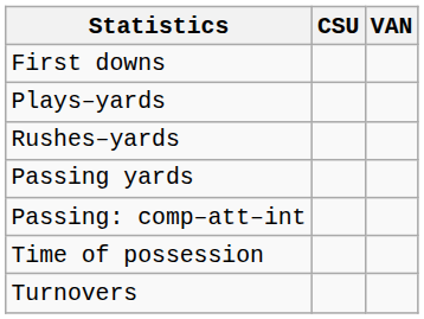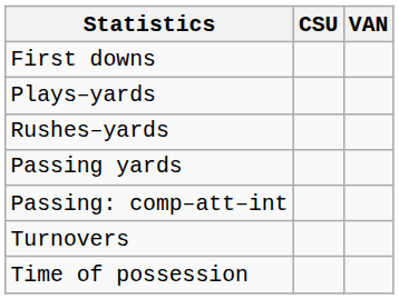 <table class="wikitable" style="float:left">
 <tr>
 <th>Statistics</th>
 <th>CSU</th>
 <th>VAN</th>
 </tr>
 <tr>
 <td>First downs</td>
 <td></td>
 <td></td>
 </tr>
 <tr>
 <td>Plays–yards</td>
 <td></td>
 <td></td>
 </tr>
 <tr>
 <td>Rushes–yards</td>
 <td></td>
 <td></td>
 </tr>
 <tr>
 <td>Passing yards</td>
 <td></td>
 <td></td>
 </tr>
 <tr>
 <td>Passing: comp–att–int</td>
 <td></td>
 <td></td>
 </tr>
 <tr>
+<td>Turnovers</td>
+<td></td>
+<td></td>
+</tr>
+<tr>
 <td>Time of possession</td>
 <td></td>
 <td></td>
 </tr>
-<tr>
-<td>Turnovers</td>
-<td></td>
-<td></td>
-</tr>
 </table>
